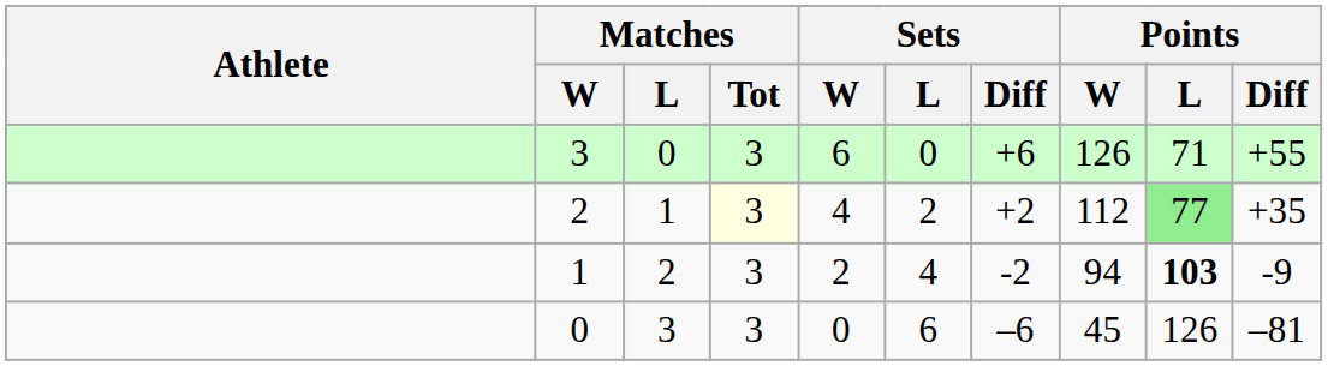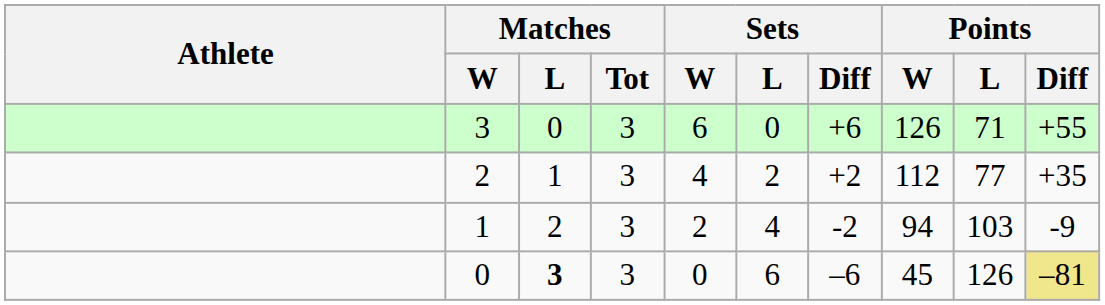 <table class=wikitable style="text-align:center">
 <tr>
 <th rowspan=2 width=220>Athlete</th>
 <th colspan=3 width=90>Matches</th>
 <th colspan=3 width=90>Sets</th>
 <th colspan=3 width=90>Points</th>
 </tr>
 <tr>
 <th width=30>W</th>
 <th width=30>L</th>
 <th width=30>Tot</th>
 <th width=30>W</th>
 <th width=30>L</th>
 <th width=30>Diff</th>
 <th width=30>W</th>
 <th width=30>L</th>
 <th width=30>Diff</th>
 </tr>
 <tr bgcolor=ccffcc>
 <td style="text-align:left"></td>
 <td>3</td>
 <td>0</td>
 <td>3</td>
 <td>6</td>
 <td>0</td>
 <td>+6</td>
 <td>126</td>
 <td>71</td>
 <td>+55</td>
 </tr>
 <tr>
 <td style="text-align:left"></td>
 <td>2</td>
 <td>1</td>
-<td style="background: lightyellow;">3</td>
+<td>3</td>
 <td>4</td>
 <td>2</td>
 <td>+2</td>
 <td>112</td>
-<td style="background: lightgreen;">77</td>
+<td>77</td>
 <td>+35</td>
 </tr>
 <tr>
 <td style="text-align:left"></td>
 <td>1</td>
 <td>2</td>
 <td>3</td>
 <td>2</td>
 <td>4</td>
 <td>-2</td>
 <td>94</td>
-<td><strong>103</strong></td>
+<td>103</td>
 <td>-9</td>
 </tr>
 <tr>
 <td style="text-align:left"></td>
 <td>0</td>
-<td>3</td>
+<td><strong>3</strong></td>
 <td>3</td>
 <td>0</td>
 <td>6</td>
 <td>–6</td>
 <td>45</td>
 <td>126</td>
-<td>–81</td>
+<td style="background: khaki;">–81</td>
 </tr>
 </table>
